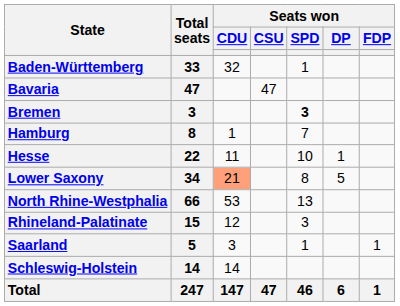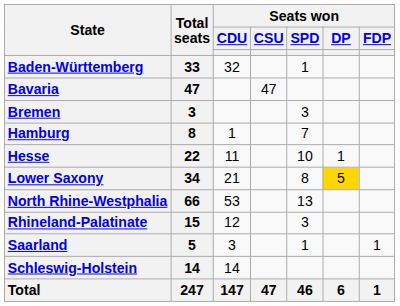 <table class="wikitable" style="text-align:center; font-size: 0.9em;">
 <tr>
 <th rowspan="3">State</th>
 <th rowspan="3">Total<br>seats</th>
 <th colspan="5">Seats won</th>
 </tr>
 <tr>
 <th class="unsortable" style="width:30px;"><a href='#'>CDU</a></th>
 <th class="unsortable" style="width:30px;"><a href='#'>CSU</a></th>
 <th class="unsortable" style="width:30px;"><a href='#'>SPD</a></th>
 <th class="unsortable" style="width:30px;"><a href='#'>DP</a></th>
 <th class="unsortable" style="width:30px;"><a href='#'>FDP</a></th>
 </tr>
 <tr>
 <th style="background:"></th>
 <th style="background:"></th>
 <th style="background:"></th>
 <th style="background:"></th>
 <th style="background:"></th>
 </tr>
 <tr>
 <th style="text-align: left;"><a href='#'>Baden-Württemberg</a></th>
 <th>33</th>
 <td>32</td>
 <td></td>
 <td>1</td>
 <td></td>
 <td></td>
 </tr>
 <tr>
 <th style="text-align: left;"><a href='#'>Bavaria</a></th>
 <th>47</th>
 <td></td>
 <td>47</td>
 <td></td>
 <td></td>
 <td></td>
 </tr>
 <tr>
 <th style="text-align: left;"><a href='#'>Bremen</a></th>
 <th>3</th>
 <td></td>
 <td></td>
-<td><strong>3</strong></td>
+<td>3</td>
 <td></td>
 <td></td>
 </tr>
 <tr>
 <th style="text-align: left;"><a href='#'>Hamburg</a></th>
 <th>8</th>
 <td>1</td>
 <td></td>
 <td>7</td>
 <td></td>
 <td></td>
 </tr>
 <tr>
 <th style="text-align: left;"><a href='#'>Hesse</a></th>
 <th>22</th>
 <td>11</td>
 <td></td>
 <td>10</td>
 <td>1</td>
 <td></td>
 </tr>
 <tr>
 <th style="text-align: left;"><a href='#'>Lower Saxony</a></th>
 <th>34</th>
-<td style="background: lightsalmon;">21</td>
+<td>21</td>
 <td></td>
 <td>8</td>
-<td>5</td>
+<td style="background: gold;">5</td>
 <td></td>
 </tr>
 <tr>
 <th style="text-align: left;"><a href='#'>North Rhine-Westphalia</a></th>
 <th>66</th>
 <td>53</td>
 <td></td>
 <td>13</td>
 <td></td>
 <td></td>
 </tr>
 <tr>
 <th style="text-align: left;"><a href='#'>Rhineland-Palatinate</a></th>
 <th>15</th>
 <td>12</td>
 <td></td>
 <td>3</td>
 <td></td>
 <td></td>
 </tr>
 <tr>
 <th style="text-align: left;"><a href='#'>Saarland</a></th>
 <th>5</th>
 <td>3</td>
 <td></td>
 <td>1</td>
 <td></td>
 <td>1</td>
 </tr>
 <tr>
 <th style="text-align: left;"><a href='#'>Schleswig-Holstein</a></th>
 <th>14</th>
 <td>14</td>
 <td></td>
 <td></td>
 <td></td>
 <td></td>
 </tr>
 <tr class="sortbottom">
 <th style="text-align: left;">Total</th>
 <th>247</th>
 <th>147</th>
 <th>47</th>
 <th>46</th>
 <th>6</th>
 <th>1</th>
 </tr>
 </table>
